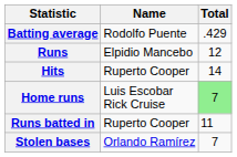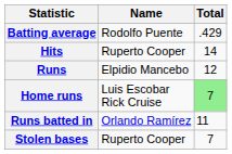 <table class="wikitable plainrowheaders">
 <tr>
 <th scope="col">Statistic</th>
 <th scope="col">Name</th>
 <th scope="col">Total</th>
 </tr>
 <tr>
 <th scope="row"><a href='#'>Batting average</a></th>
 <td> Rodolfo Puente</td>
 <td align=center>.429</td>
 </tr>
 <tr>
+<th scope="row"><a href='#'>Hits</a></th>
+<td> Ruperto Cooper</td>
+<td align=center>14</td>
+</tr>
+<tr>
 <th scope="row"><a href='#'>Runs</a></th>
 <td> Elpidio Mancebo</td>
 <td align=center>12</td>
-</tr>
-<tr>
-<th scope="row"><a href='#'>Hits</a></th>
-<td> Ruperto Cooper</td>
-<td align=center>14</td>
 </tr>
 <tr>
 <th scope="row"><a href='#'>Home runs</a></th>
 <td> Luis Escobar<br> Rick Cruise</td>
 <td align=center style="background: lightgreen;">7</td>
 </tr>
 <tr>
 <th scope="row"><a href='#'>Runs batted in</a></th>
-<td> Ruperto Cooper</td>
+<td> <a href='#'>Orlando Ramírez</a></td>
 <td>11</td>
 </tr>
 <tr>
 <th scope="row"><a href='#'>Stolen bases</a></th>
-<td> <a href='#'>Orlando Ramírez</a></td>
+<td> Ruperto Cooper</td>
 <td align=center>7</td>
 </tr>
 </table>
